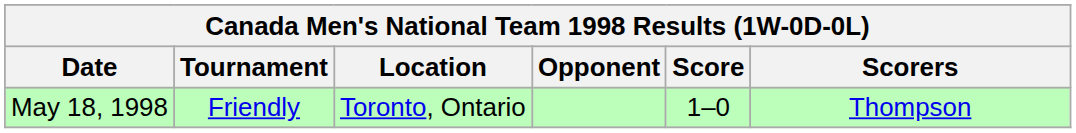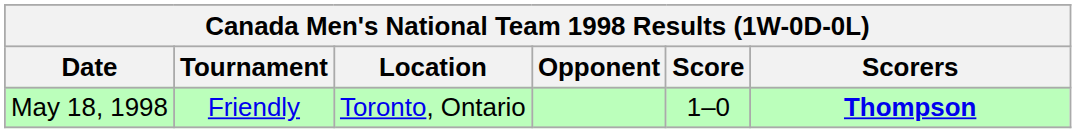 <table class="wikitable collapsible collapsed" style="font-size:90%">
 <tr>
 <th colspan="6"><strong>Canada Men's National Team 1998 Results (1W-0D-0L)</strong></th>
 </tr>
 <tr>
 <th>Date</th>
 <th>Tournament</th>
 <th>Location</th>
 <th>Opponent</th>
 <th>Score</th>
 <th width=30%>Scorers</th>
 </tr>
 <tr style="background:#bfb;">
 <td style="text-align: center;">May 18, 1998</td>
 <td style="text-align: center;"><a href='#'>Friendly</a></td>
 <td style="text-align: center;"><a href='#'>Toronto</a>, Ontario</td>
 <td></td>
 <td style="text-align: center;">1–0</td>
-<td style="text-align: center;"><a href='#'>Thompson</a> </td>
+<td style="text-align: center;"><strong><a href='#'>Thompson</a> </strong></td>
 </tr>
 </table>
